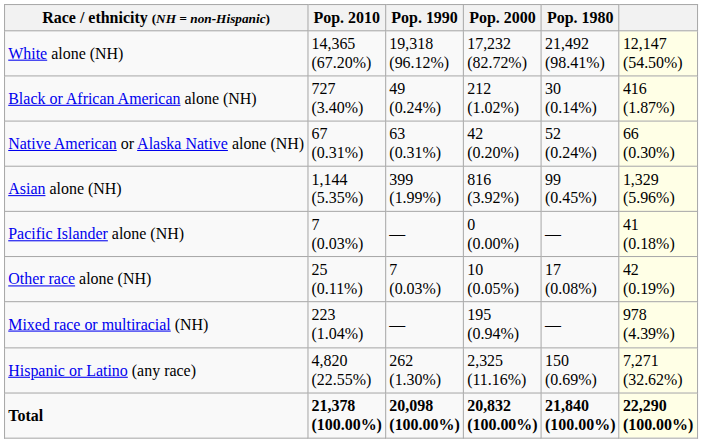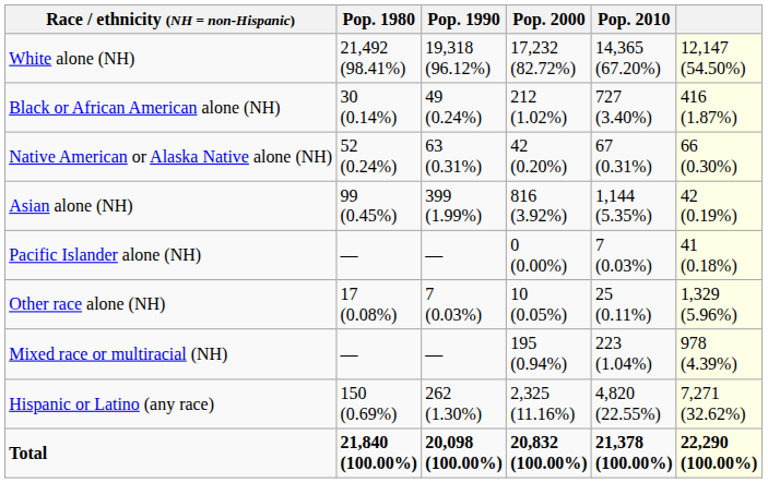 <table class="wikitable sortable collapsible" style="font-size: 95%;">
 <tr>
 <th>Race / ethnicity <small>(<em>NH = non-Hispanic</em>)</small></th>
-<th>Pop. 2010</th>
+<th>Pop. 1980</th>
 <th>Pop. 1990</th>
 <th>Pop. 2000</th>
-<th>Pop. 1980</th>
+<th>Pop. 2010</th>
 <th></th>
 </tr>
 <tr>
 <td><a href='#'>White</a> alone (NH)</td>
-<td>14,365<br>(67.20%)</td>
+<td>21,492<br>(98.41%)</td>
 <td>19,318<br>(96.12%)</td>
 <td>17,232<br>(82.72%)</td>
-<td>21,492<br>(98.41%)</td>
+<td>14,365<br>(67.20%)</td>
 <td style='background: #ffffe6;'>12,147<br>(54.50%)</td>
 </tr>
 <tr>
 <td><a href='#'>Black or African American</a> alone (NH)</td>
-<td>727<br>(3.40%)</td>
+<td>30<br>(0.14%)</td>
 <td>49<br>(0.24%)</td>
 <td>212<br>(1.02%)</td>
-<td>30<br>(0.14%)</td>
+<td>727<br>(3.40%)</td>
 <td style='background: #ffffe6;'>416<br>(1.87%)</td>
 </tr>
 <tr>
 <td><a href='#'>Native American</a> or <a href='#'>Alaska Native</a> alone (NH)</td>
-<td>67<br>(0.31%)</td>
+<td>52<br>(0.24%)</td>
 <td>63<br>(0.31%)</td>
 <td>42<br>(0.20%)</td>
-<td>52<br>(0.24%)</td>
+<td>67<br>(0.31%)</td>
 <td style='background: #ffffe6;'>66<br>(0.30%)</td>
 </tr>
 <tr>
 <td><a href='#'>Asian</a> alone (NH)</td>
-<td>1,144<br>(5.35%)</td>
+<td>99<br>(0.45%)</td>
 <td>399<br>(1.99%)</td>
 <td>816<br>(3.92%)</td>
-<td>99<br>(0.45%)</td>
-<td style='background: #ffffe6;'>1,329<br>(5.96%)</td>
+<td>1,144<br>(5.35%)</td>
+<td style='background: #ffffe6;'>42<br>(0.19%)</td>
 </tr>
 <tr>
 <td><a href='#'>Pacific Islander</a> alone (NH)</td>
-<td>7<br>(0.03%)</td>
+<td>—</td>
 <td>—</td>
 <td>0<br>(0.00%)</td>
-<td>—</td>
+<td>7<br>(0.03%)</td>
 <td style='background: #ffffe6;'>41<br>(0.18%)</td>
 </tr>
 <tr>
 <td><a href='#'>Other race</a> alone (NH)</td>
-<td>25<br>(0.11%)</td>
+<td>17<br>(0.08%)</td>
 <td>7<br>(0.03%)</td>
 <td>10<br>(0.05%)</td>
-<td>17<br>(0.08%)</td>
-<td style='background: #ffffe6;'>42<br>(0.19%)</td>
+<td>25<br>(0.11%)</td>
+<td style='background: #ffffe6;'>1,329<br>(5.96%)</td>
 </tr>
 <tr>
 <td><a href='#'>Mixed race or multiracial</a> (NH)</td>
-<td>223<br>(1.04%)</td>
+<td>—</td>
 <td>—</td>
 <td>195<br>(0.94%)</td>
-<td>—</td>
+<td>223<br>(1.04%)</td>
 <td style='background: #ffffe6;'>978<br>(4.39%)</td>
 </tr>
 <tr>
 <td><a href='#'>Hispanic or Latino</a> (any race)</td>
-<td>4,820<br>(22.55%)</td>
+<td>150<br>(0.69%)</td>
 <td>262<br>(1.30%)</td>
 <td>2,325<br>(11.16%)</td>
-<td>150<br>(0.69%)</td>
+<td>4,820<br>(22.55%)</td>
 <td style='background: #ffffe6;'>7,271<br>(32.62%)</td>
 </tr>
 <tr>
 <td><strong>Total</strong></td>
-<td><strong>21,378<br>(100.00%)</strong></td>
+<td><strong>21,840<br>(100.00%)</strong></td>
 <td><strong>20,098<br>(100.00%)</strong></td>
 <td><strong>20,832<br>(100.00%)</strong></td>
-<td><strong>21,840<br>(100.00%)</strong></td>
+<td><strong>21,378<br>(100.00%)</strong></td>
 <td style='background: #ffffe6;'><strong>22,290<br>(100.00%)</strong></td>
 </tr>
 </table>
